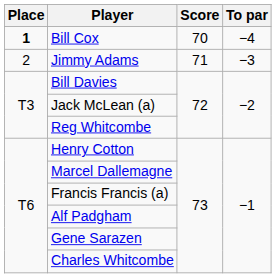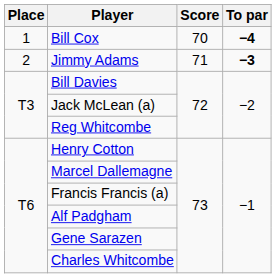 <table class=wikitable>
 <tr>
 <th>Place</th>
 <th>Player</th>
 <th>Score</th>
 <th>To par</th>
 </tr>
 <tr>
-<td align=center><strong>1</strong></td>
+<td align=center>1</td>
 <td> <a href='#'>Bill Cox</a></td>
 <td align=center>70</td>
-<td align=center>−4</td>
+<td align=center><strong>−4</strong></td>
 </tr>
 <tr>
 <td align=center>2</td>
 <td> <a href='#'>Jimmy Adams</a></td>
 <td align=center>71</td>
-<td align=center>−3</td>
+<td align=center><strong>−3</strong></td>
 </tr>
 <tr>
 <td rowspan=3 align=center>T3</td>
 <td> <a href='#'>Bill Davies</a></td>
 <td rowspan=3 align=center>72</td>
 <td rowspan=3 align=center>−2</td>
 </tr>
 <tr>
 <td> Jack McLean (a)   </td>
 </tr>
 <tr>
 <td> <a href='#'>Reg Whitcombe</a></td>
 </tr>
 <tr>
 <td rowspan=6 align=center>T6</td>
 <td> <a href='#'>Henry Cotton</a></td>
 <td rowspan=6 align=center>73</td>
 <td rowspan=6 align=center>−1</td>
 </tr>
 <tr>
 <td> <a href='#'>Marcel Dallemagne</a></td>
 </tr>
 <tr>
 <td> Francis Francis (a)  </td>
 </tr>
 <tr>
 <td> <a href='#'>Alf Padgham</a></td>
 </tr>
 <tr>
 <td> <a href='#'>Gene Sarazen</a></td>
 </tr>
 <tr>
 <td> <a href='#'>Charles Whitcombe</a></td>
 </tr>
 </table>
